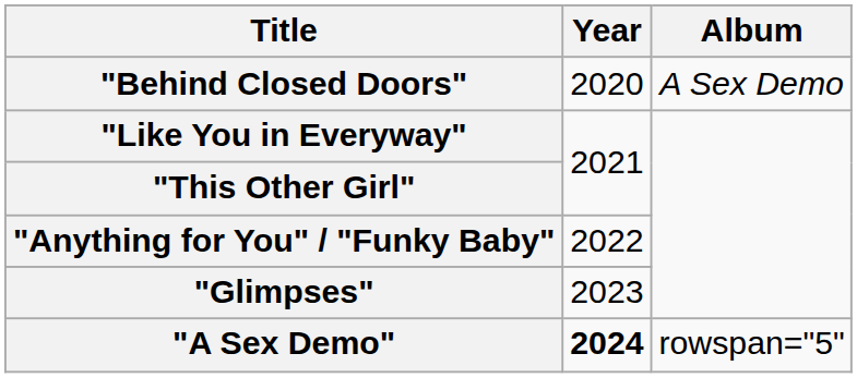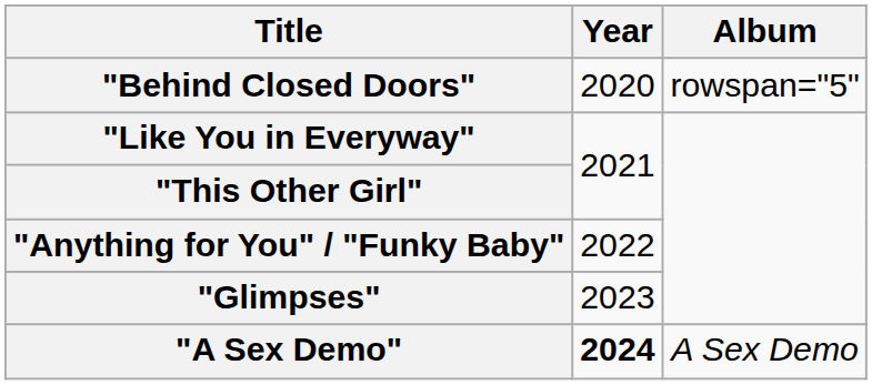 <table class="wikitable plainrowheaders" style="text-align:center;">
 <tr>
 <th scope="col">Title</th>
 <th scope="col">Year</th>
 <th scope="col">Album</th>
 </tr>
 <tr>
 <th scope="row">"Behind Closed Doors"</th>
 <td>2020</td>
-<td><em>A Sex Demo</em></td>
+<td>rowspan="5" </td>
 </tr>
 <tr>
 <th scope="row">"Like You in Everyway"</th>
 <td rowspan="2">2021</td>
 </tr>
 <tr>
 <th scope="row">"This Other Girl"</th>
 </tr>
 <tr>
 <th scope="row">"Anything for You" / "Funky Baby"</th>
 <td>2022</td>
 </tr>
 <tr>
 <th scope="row">"Glimpses"</th>
 <td>2023</td>
 </tr>
 <tr>
 <th scope="row">"A Sex Demo"</th>
 <td><strong>2024</strong></td>
-<td>rowspan="5" </td>
+<td><em>A Sex Demo</em></td>
 </tr>
 </table>
